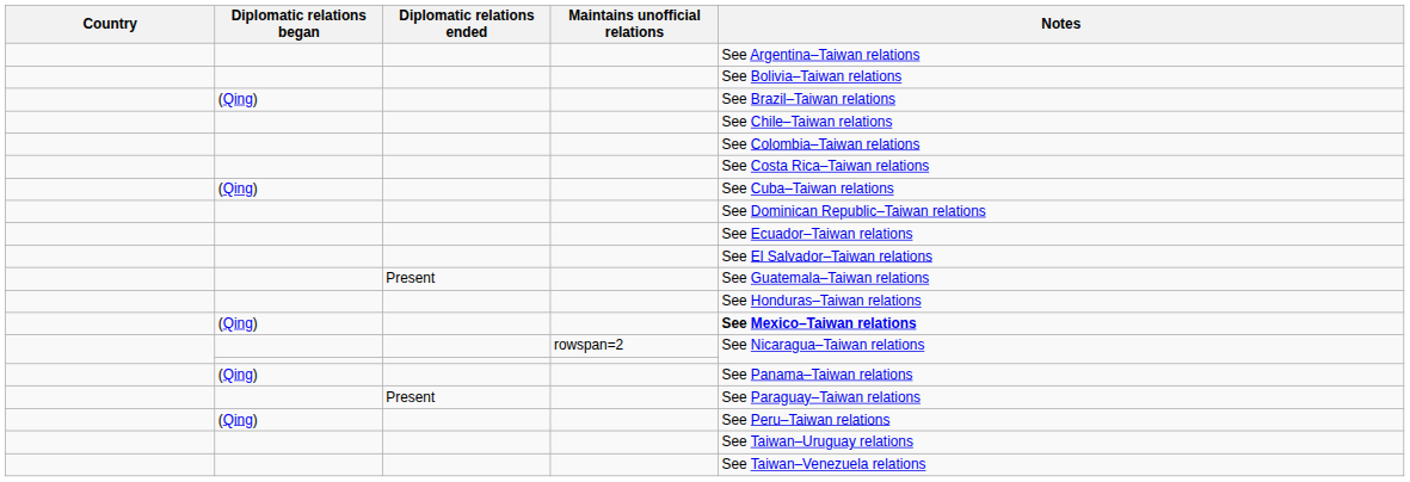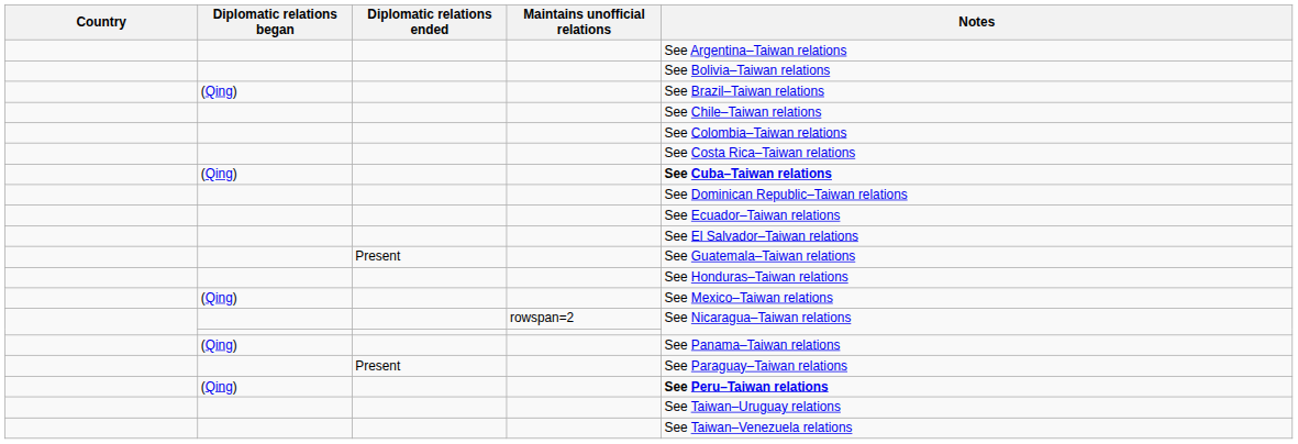 <table class="wikitable sortable" style="width:100%; margin:auto;">
 <tr>
 <th style="width:15%;">Country</th>
 <th style="width:12%;">Diplomatic relations began</th>
 <th style="width:12%;">Diplomatic relations ended</th>
 <th style="width:12%;">Maintains unofficial relations</th>
 <th>Notes</th>
 </tr>
 <tr valign="top">
 <td></td>
 <td></td>
 <td></td>
 <td></td>
 <td>See <a href='#'>Argentina–Taiwan relations</a></td>
 </tr>
 <tr valign="top">
 <td></td>
 <td></td>
 <td></td>
 <td></td>
 <td>See <a href='#'>Bolivia–Taiwan relations</a></td>
 </tr>
 <tr valign="top">
 <td></td>
 <td> (<a href='#'>Qing</a>)<br></td>
 <td></td>
 <td></td>
 <td>See <a href='#'>Brazil–Taiwan relations</a></td>
 </tr>
 <tr valign="top">
 <td></td>
 <td></td>
 <td></td>
 <td></td>
 <td>See <a href='#'>Chile–Taiwan relations</a></td>
 </tr>
 <tr valign="top">
 <td></td>
 <td></td>
 <td></td>
 <td></td>
 <td>See <a href='#'>Colombia–Taiwan relations</a></td>
 </tr>
 <tr valign="top">
 <td></td>
 <td></td>
 <td></td>
 <td></td>
 <td>See <a href='#'>Costa Rica–Taiwan relations</a></td>
 </tr>
 <tr valign="top">
 <td></td>
 <td> (<a href='#'>Qing</a>)<br></td>
 <td></td>
 <td></td>
-<td>See <a href='#'>Cuba–Taiwan relations</a></td>
+<td><strong>See <a href='#'>Cuba–Taiwan relations</a></strong></td>
 </tr>
 <tr valign="top">
 <td></td>
 <td></td>
 <td></td>
 <td></td>
 <td>See <a href='#'>Dominican Republic–Taiwan relations</a></td>
 </tr>
 <tr valign="top">
 <td></td>
 <td></td>
 <td></td>
 <td></td>
 <td>See <a href='#'>Ecuador–Taiwan relations</a></td>
 </tr>
 <tr valign="top">
 <td></td>
 <td></td>
 <td></td>
 <td></td>
 <td>See <a href='#'>El Salvador–Taiwan relations</a></td>
 </tr>
 <tr valign="top">
 <td></td>
 <td></td>
 <td>Present</td>
 <td></td>
 <td>See <a href='#'>Guatemala–Taiwan relations</a></td>
 </tr>
 <tr valign="top">
 <td></td>
 <td></td>
 <td></td>
 <td></td>
 <td>See <a href='#'>Honduras–Taiwan relations</a></td>
 </tr>
 <tr valign="top">
 <td></td>
 <td> (<a href='#'>Qing</a>)<br></td>
 <td></td>
 <td></td>
-<td><strong>See <a href='#'>Mexico–Taiwan relations</a></strong></td>
+<td>See <a href='#'>Mexico–Taiwan relations</a></td>
 </tr>
 <tr valign="top">
 <td rowspan=2></td>
 <td></td>
 <td></td>
 <td>rowspan=2 </td>
 <td rowspan=2>See <a href='#'>Nicaragua–Taiwan relations</a></td>
 </tr>
 <tr valign="top">
 <td></td>
 <td></td>
 </tr>
 <tr valign="top">
 <td></td>
 <td> (<a href='#'>Qing</a>)<br></td>
 <td></td>
 <td></td>
 <td>See <a href='#'>Panama–Taiwan relations</a></td>
 </tr>
 <tr valign="top">
 <td></td>
 <td></td>
 <td>Present</td>
 <td></td>
 <td>See <a href='#'>Paraguay–Taiwan relations</a></td>
 </tr>
 <tr valign="top">
 <td></td>
 <td> (<a href='#'>Qing</a>)<br></td>
 <td></td>
 <td></td>
-<td>See <a href='#'>Peru–Taiwan relations</a></td>
+<td><strong>See <a href='#'>Peru–Taiwan relations</a></strong></td>
 </tr>
 <tr valign="top">
 <td></td>
 <td></td>
 <td></td>
 <td></td>
 <td>See <a href='#'>Taiwan–Uruguay relations</a></td>
 </tr>
 <tr valign="top">
 <td></td>
 <td></td>
 <td></td>
 <td></td>
 <td>See <a href='#'>Taiwan–Venezuela relations</a></td>
 </tr>
 </table>
